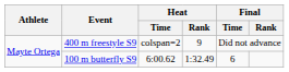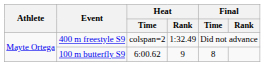 <table class=wikitable style=font-size:90%;text-align:center>
 <tr>
 <th rowspan=2>Athlete</th>
 <th rowspan=2>Event</th>
 <th colspan=2>Heat</th>
 <th colspan=2>Final</th>
 </tr>
 <tr style=font-size:95%>
 <th>Time</th>
 <th>Rank</th>
 <th>Time</th>
 <th>Rank</th>
 </tr>
 <tr align=center>
 <td align=left rowspan=2><a href='#'>Mayte Ortega</a></td>
 <td align=left><a href='#'>400 m freestyle S9</a></td>
 <td>colspan=2 </td>
-<td>9</td>
+<td>1:32.49</td>
 <td colspan=2>Did not advance</td>
 </tr>
 <tr align=center>
 <td align=left><a href='#'>100 m butterfly S9</a></td>
 <td>6:00.62</td>
-<td>1:32.49</td>
-<td>6</td>
+<td>9</td>
+<td>8</td>
 </tr>
 </table>
